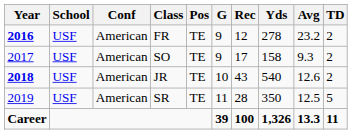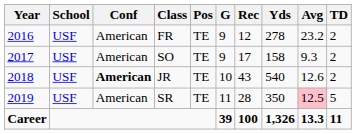 <table class="wikitable">
 <tr>
 <th>Year</th>
 <th>School</th>
 <th>Conf</th>
 <th>Class</th>
 <th>Pos</th>
 <th>G</th>
 <th>Rec</th>
 <th>Yds</th>
 <th>Avg</th>
 <th>TD</th>
 </tr>
 <tr>
-<td><strong><a href='#'>2016</a></strong></td>
+<td><a href='#'>2016</a></td>
 <td><a href='#'>USF</a></td>
 <td>American</td>
 <td>FR</td>
 <td>TE</td>
 <td>9</td>
 <td>12</td>
 <td>278</td>
 <td>23.2</td>
 <td>2</td>
 </tr>
 <tr>
 <td><a href='#'>2017</a></td>
 <td><a href='#'>USF</a></td>
 <td>American</td>
 <td>SO</td>
 <td>TE</td>
 <td>9</td>
 <td>17</td>
 <td>158</td>
 <td>9.3</td>
 <td>2</td>
 </tr>
 <tr>
-<td><strong><a href='#'>2018</a></strong></td>
+<td><a href='#'>2018</a></td>
 <td><a href='#'>USF</a></td>
-<td>American</td>
+<td><strong>American</strong></td>
 <td>JR</td>
 <td>TE</td>
 <td>10</td>
 <td>43</td>
 <td>540</td>
 <td>12.6</td>
 <td>2</td>
 </tr>
 <tr>
 <td><a href='#'>2019</a></td>
 <td><a href='#'>USF</a></td>
 <td>American</td>
 <td>SR</td>
 <td>TE</td>
 <td>11</td>
 <td>28</td>
 <td>350</td>
-<td>12.5</td>
+<td style="background: pink;">12.5</td>
 <td>5</td>
 </tr>
 <tr>
 <td style="font-weight:bold;">Career</td>
 <td colspan="4" style="font-weight:bold;"></td>
 <td style="font-weight:bold;">39</td>
 <td style="font-weight:bold;">100</td>
 <td style="font-weight:bold;">1,326</td>
 <td style="font-weight:bold;">13.3</td>
 <td style="font-weight:bold;">11</td>
 </tr>
 </table>
